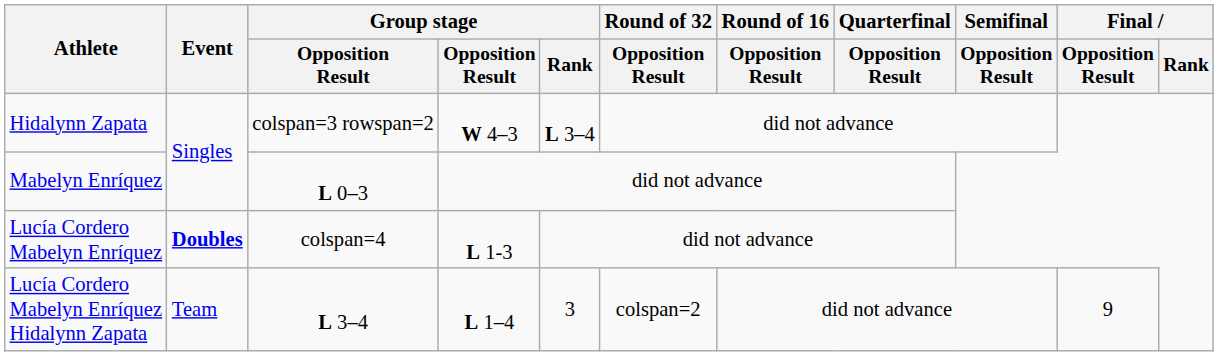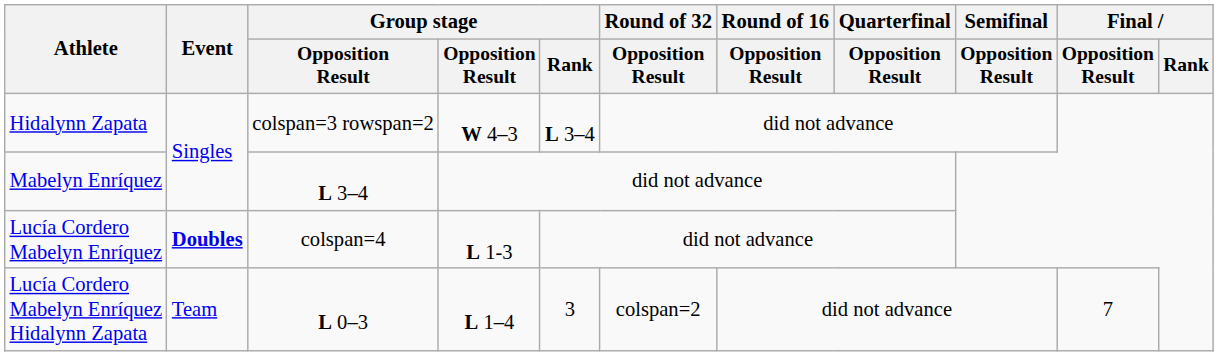 <table class=wikitable style=font-size:90%;text-align:center>
 <tr>
 <th rowspan=2>Athlete</th>
 <th rowspan=2>Event</th>
 <th colspan=3>Group stage</th>
 <th>Round of 32</th>
 <th>Round of 16</th>
 <th>Quarterfinal</th>
 <th>Semifinal</th>
 <th colspan=2>Final / </th>
 </tr>
 <tr style=font-size:95%>
 <th>Opposition<br>Result</th>
 <th>Opposition<br>Result</th>
 <th>Rank</th>
 <th>Opposition<br>Result</th>
 <th>Opposition<br>Result</th>
 <th>Opposition<br>Result</th>
 <th>Opposition<br>Result</th>
 <th>Opposition<br>Result</th>
 <th>Rank</th>
 </tr>
 <tr>
 <td align=left><a href='#'>Hidalynn Zapata</a></td>
 <td align=left rowspan=2><a href='#'>Singles</a></td>
 <td>colspan=3 rowspan=2 </td>
 <td><br><strong>W</strong> 4–3</td>
 <td><br><strong>L</strong> 3–4</td>
 <td colspan=4>did not advance</td>
 </tr>
 <tr>
 <td align=left><a href='#'>Mabelyn Enríquez</a></td>
-<td><br><strong>L</strong> 0–3</td>
+<td><br><strong>L</strong> 3–4</td>
 <td colspan=5>did not advance</td>
 </tr>
 <tr>
 <td align=left><a href='#'>Lucía Cordero</a><br><a href='#'>Mabelyn Enríquez</a></td>
 <td align=left><strong><a href='#'>Doubles</a></strong></td>
 <td>colspan=4 </td>
 <td><br><strong>L</strong> 1-3</td>
 <td colspan=4>did not advance</td>
 </tr>
 <tr>
 <td align=left><a href='#'>Lucía Cordero</a><br><a href='#'>Mabelyn Enríquez</a><br><a href='#'>Hidalynn Zapata</a></td>
 <td align=left><a href='#'>Team</a></td>
-<td><br><strong>L</strong> 3–4</td>
+<td><br><strong>L</strong> 0–3</td>
 <td><br><strong>L</strong> 1–4</td>
 <td>3</td>
 <td>colspan=2 </td>
 <td colspan=3>did not advance</td>
-<td>9</td>
+<td>7</td>
 </tr>
 </table>
